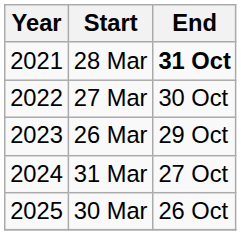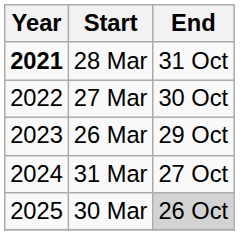 <table class="wikitable" align="center">
 <tr>
 <th>Year</th>
 <th>Start</th>
 <th>End</th>
 </tr>
 <tr>
-<td>2021</td>
+<td><strong>2021</strong></td>
 <td>28 Mar</td>
-<td><strong>31 Oct</strong></td>
+<td>31 Oct</td>
 </tr>
 <tr>
 <td>2022</td>
 <td>27 Mar</td>
 <td>30 Oct</td>
 </tr>
 <tr>
 <td>2023</td>
 <td>26 Mar</td>
 <td>29 Oct</td>
 </tr>
 <tr>
 <td>2024</td>
 <td>31 Mar</td>
 <td>27 Oct</td>
 </tr>
 <tr>
 <td>2025</td>
 <td>30 Mar</td>
-<td>26 Oct</td>
+<td style="background: lightgrey;">26 Oct</td>
 </tr>
 <tr>
 </tr>
 </table>
